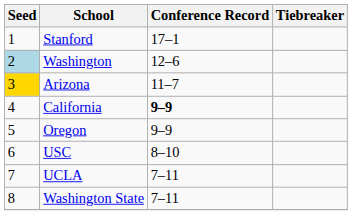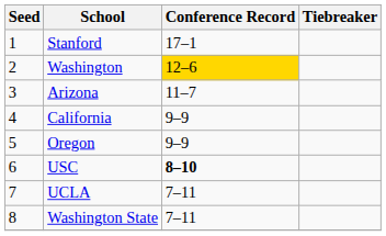 <table class="wikitable">
 <tr>
 <th>Seed</th>
 <th>School</th>
 <th>Conference Record</th>
 <th>Tiebreaker</th>
 </tr>
 <tr>
 <td>1</td>
 <td><a href='#'>Stanford</a></td>
 <td>17–1</td>
 <td></td>
 </tr>
 <tr>
-<td style="background: lightblue;">2</td>
+<td>2</td>
 <td><a href='#'>Washington</a></td>
-<td>12–6</td>
+<td style="background: gold;">12–6</td>
 <td></td>
 </tr>
 <tr>
-<td style="background: gold;">3</td>
+<td>3</td>
 <td><a href='#'>Arizona</a></td>
 <td>11–7</td>
 <td></td>
 </tr>
 <tr>
 <td>4</td>
 <td><a href='#'>California</a></td>
-<td><strong>9–9</strong></td>
+<td>9–9</td>
 <td></td>
 </tr>
 <tr>
 <td>5</td>
 <td><a href='#'>Oregon</a></td>
 <td>9–9</td>
 <td></td>
 </tr>
 <tr>
 <td>6</td>
 <td><a href='#'>USC</a></td>
-<td>8–10</td>
+<td><strong>8–10</strong></td>
 <td></td>
 </tr>
 <tr>
 <td>7</td>
 <td><a href='#'>UCLA</a></td>
 <td>7–11</td>
 <td></td>
 </tr>
 <tr>
 <td>8</td>
 <td><a href='#'>Washington State</a></td>
 <td>7–11</td>
 <td></td>
 </tr>
 <tr>
 </tr>
 </table>
